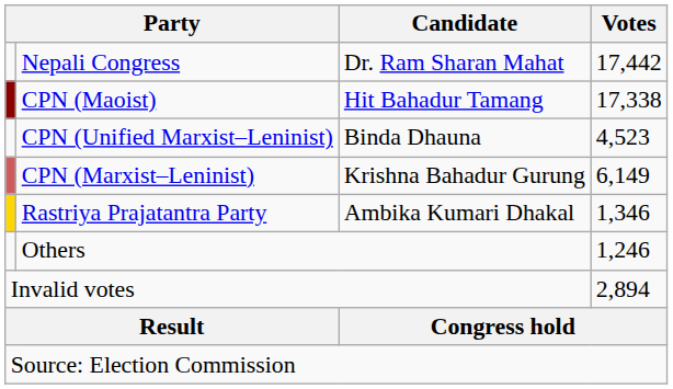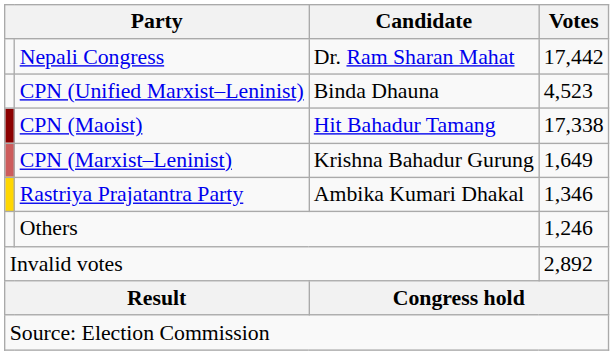 <table class="wikitable">
 <tr>
 <th colspan="2">Party</th>
 <th>Candidate</th>
 <th>Votes</th>
 </tr>
 <tr>
 <td style="background-color:"></td>
 <td><a href='#'>Nepali Congress</a></td>
 <td>Dr. <a href='#'>Ram Sharan Mahat</a></td>
 <td>17,442</td>
 </tr>
 <tr>
+<td style="background-color:"></td>
+<td><a href='#'>CPN (Unified Marxist–Leninist)</a></td>
+<td>Binda Dhauna</td>
+<td>4,523</td>
+</tr>
+<tr>
 <td style="background-color:darkred"></td>
 <td><a href='#'>CPN (Maoist)</a></td>
 <td><a href='#'>Hit Bahadur Tamang</a></td>
 <td>17,338</td>
 </tr>
 <tr>
-<td style="background-color:"></td>
-<td><a href='#'>CPN (Unified Marxist–Leninist)</a></td>
-<td>Binda Dhauna</td>
-<td>4,523</td>
-</tr>
-<tr>
 <td style="background-color:indianred"></td>
 <td><a href='#'>CPN (Marxist–Leninist)</a></td>
 <td>Krishna Bahadur Gurung</td>
-<td>6,149</td>
+<td>1,649</td>
 </tr>
 <tr>
 <td style="background-color:gold"></td>
 <td><a href='#'>Rastriya Prajatantra Party</a></td>
 <td>Ambika Kumari Dhakal</td>
 <td>1,346</td>
 </tr>
 <tr>
 <td></td>
 <td colspan="2">Others</td>
 <td>1,246</td>
 </tr>
 <tr>
 <td colspan="3">Invalid votes</td>
-<td>2,894</td>
+<td>2,892</td>
 </tr>
 <tr>
 <th colspan="2">Result</th>
 <th colspan="2">Congress hold</th>
 </tr>
 <tr>
 <td colspan="4">Source: Election Commission</td>
 </tr>
 </table>
